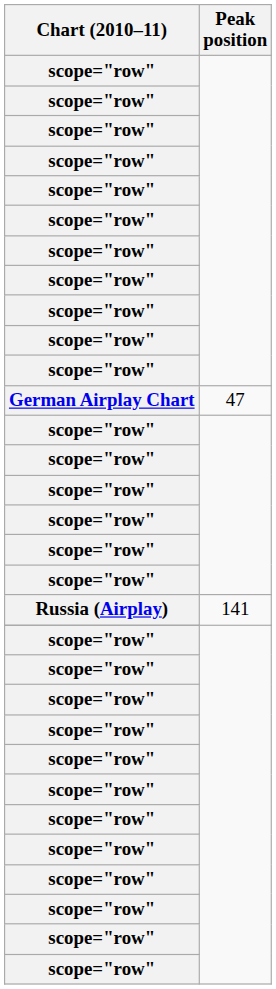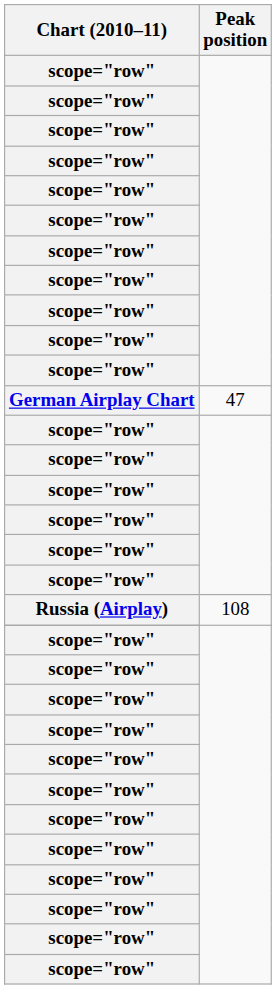 <table class="wikitable sortable plainrowheaders">
 <tr>
 <th scope="col">Chart (2010–11)</th>
 <th scope="col">Peak<br>position</th>
 </tr>
 <tr>
 <th>scope="row"</th>
 </tr>
 <tr>
 <th>scope="row"</th>
 </tr>
 <tr>
 <th>scope="row"</th>
 </tr>
 <tr>
 <th>scope="row"</th>
 </tr>
 <tr>
 <th>scope="row"</th>
 </tr>
 <tr>
 <th>scope="row"</th>
 </tr>
 <tr>
 <th>scope="row"</th>
 </tr>
 <tr>
 <th>scope="row"</th>
 </tr>
 <tr>
 <th>scope="row"</th>
 </tr>
 <tr>
 <th>scope="row"</th>
 </tr>
 <tr>
 <th>scope="row"</th>
 </tr>
 <tr>
 <th scope="row" align="left"><a href='#'>German Airplay Chart</a></th>
 <td align="center">47</td>
 </tr>
 <tr>
 <th>scope="row"</th>
 </tr>
 <tr>
 <th>scope="row"</th>
 </tr>
 <tr>
 <th>scope="row"</th>
 </tr>
 <tr>
 <th>scope="row"</th>
 </tr>
 <tr>
 <th>scope="row"</th>
 </tr>
 <tr>
 <th>scope="row"</th>
 </tr>
 <tr>
 <th scope="row">Russia (<a href='#'>Airplay</a>)</th>
-<td style="text-align:center;">141</td>
+<td style="text-align:center;">108</td>
 </tr>
 <tr>
 </tr>
 <tr>
 <th>scope="row"</th>
 </tr>
 <tr>
 <th>scope="row"</th>
 </tr>
 <tr>
 <th>scope="row"</th>
 </tr>
 <tr>
 <th>scope="row"</th>
 </tr>
 <tr>
 <th>scope="row"</th>
 </tr>
 <tr>
 <th>scope="row"</th>
 </tr>
 <tr>
 <th>scope="row"</th>
 </tr>
 <tr>
 <th>scope="row"</th>
 </tr>
 <tr>
 <th>scope="row"</th>
 </tr>
 <tr>
 <th>scope="row"</th>
 </tr>
 <tr>
 <th>scope="row"</th>
 </tr>
 <tr>
 <th>scope="row"</th>
 </tr>
 </table>
